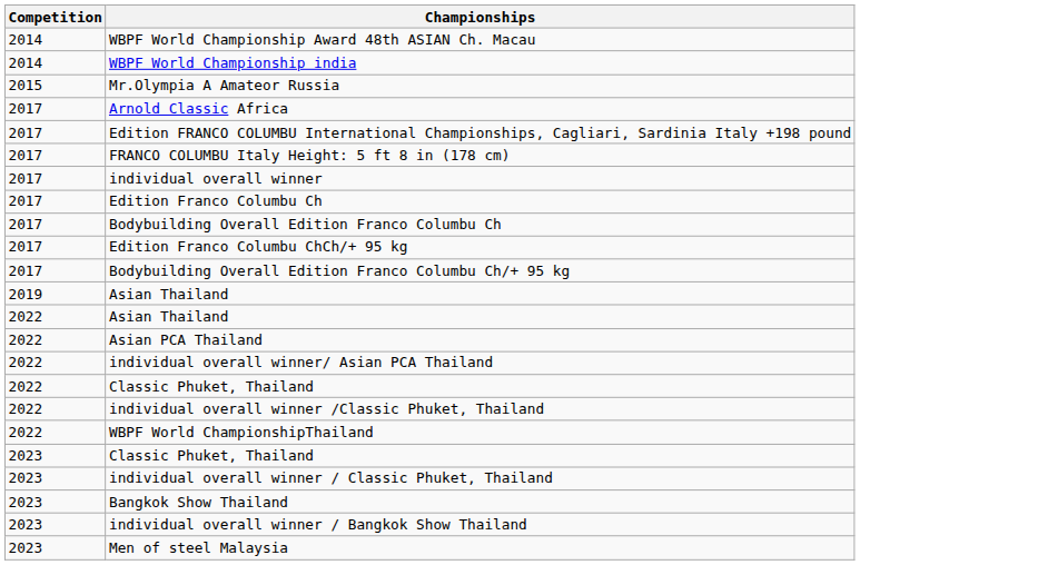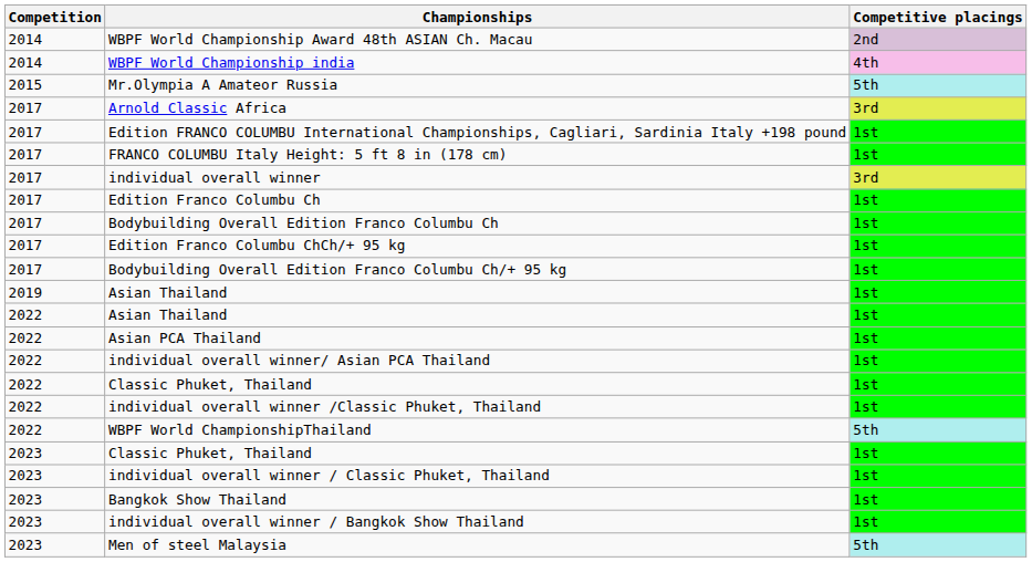 <table class="wikitable">
 <tr>
 <th>Competition</th>
 <th><strong>Championships</strong> </th>
+<th>Competitive placings</th>
 </tr>
 <tr>
 <td>2014</td>
 <td>WBPF World Championship Award 48th ASIAN Ch. Macau</td>
+<td bgcolor=thistle>2nd</td>
 </tr>
 <tr>
 <td>2014</td>
 <td><a href='#'>WBPF World Championship india</a></td>
+<td bgcolor=f7bee9>4th</td>
 </tr>
 <tr>
 <td>2015</td>
 <td>Mr.Olympia A Amateor Russia</td>
+<td bgcolor=afeeee>5th</td>
 </tr>
 <tr>
 <td>2017</td>
 <td><a href='#'>Arnold Classic</a> Africa</td>
+<td bgcolor=e3ed51>3rd</td>
 </tr>
 <tr>
 <td>2017</td>
 <td>Edition FRANCO COLUMBU International Championships, Cagliari, Sardinia Italy +198 pound</td>
+<td bgcolor=lime>1st</td>
 </tr>
 <tr>
 <td>2017</td>
 <td>FRANCO COLUMBU Italy Height: 5 ft 8 in (178 cm)</td>
+<td bgcolor=lime>1st</td>
 </tr>
 <tr>
 <td>2017</td>
 <td>individual overall winner</td>
+<td bgcolor=e3ed51>3rd</td>
 </tr>
 <tr>
 <td>2017</td>
 <td>Edition Franco Columbu Ch</td>
+<td bgcolor=lime>1st</td>
 </tr>
 <tr>
 <td>2017</td>
 <td>Bodybuilding Overall Edition Franco Columbu Ch</td>
+<td bgcolor=lime>1st</td>
 </tr>
 <tr>
 <td>2017</td>
 <td>Edition Franco Columbu ChCh/+ 95 kg</td>
+<td bgcolor=lime>1st</td>
 </tr>
 <tr>
 <td>2017</td>
 <td>Bodybuilding Overall Edition Franco Columbu Ch/+ 95 kg</td>
+<td bgcolor=lime>1st</td>
 </tr>
 <tr>
 <td>2019</td>
 <td>Asian Thailand</td>
+<td bgcolor=lime>1st</td>
 </tr>
 <tr>
 <td>2022</td>
 <td>Asian Thailand</td>
+<td bgcolor=lime>1st</td>
 </tr>
 <tr>
 <td>2022</td>
 <td>Asian PCA Thailand</td>
+<td bgcolor=lime>1st</td>
 </tr>
 <tr>
 <td>2022</td>
 <td>individual overall winner/ Asian PCA Thailand</td>
+<td bgcolor=lime>1st</td>
 </tr>
 <tr>
 <td>2022</td>
 <td>Classic Phuket, Thailand</td>
+<td bgcolor=lime>1st</td>
 </tr>
 <tr>
 <td>2022</td>
 <td>individual overall winner /Classic Phuket, Thailand</td>
+<td bgcolor=lime>1st</td>
 </tr>
 <tr>
 <td>2022</td>
 <td>WBPF World ChampionshipThailand</td>
+<td bgcolor=afeeee>5th</td>
 </tr>
 <tr>
 <td>2023</td>
 <td>Classic Phuket, Thailand</td>
+<td bgcolor=lime>1st</td>
 </tr>
 <tr>
 <td>2023</td>
 <td>individual overall winner / Classic Phuket, Thailand</td>
+<td bgcolor=lime>1st</td>
 </tr>
 <tr>
 <td>2023</td>
 <td>Bangkok Show Thailand</td>
+<td bgcolor=lime>1st</td>
 </tr>
 <tr>
 <td>2023</td>
 <td>individual overall winner / Bangkok Show Thailand</td>
+<td bgcolor=lime>1st</td>
 </tr>
 <tr>
 <td>2023</td>
 <td>Men of steel Malaysia</td>
+<td bgcolor=afeeee>5th</td>
 </tr>
 </table>
